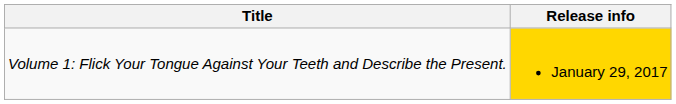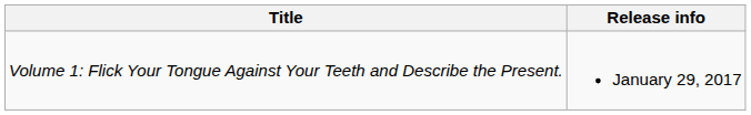 <table class="wikitable">
 <tr>
 <th>Title</th>
 <th>Release info</th>
 </tr>
 <tr>
 <td><em>Volume 1: Flick Your Tongue Against Your Teeth and Describe the Present.</em></td>
-<td style="background: gold;"><br><ul><li>January 29, 2017</li></ul></td>
+<td><br><ul><li>January 29, 2017</li></ul></td>
 </tr>
 </table>
